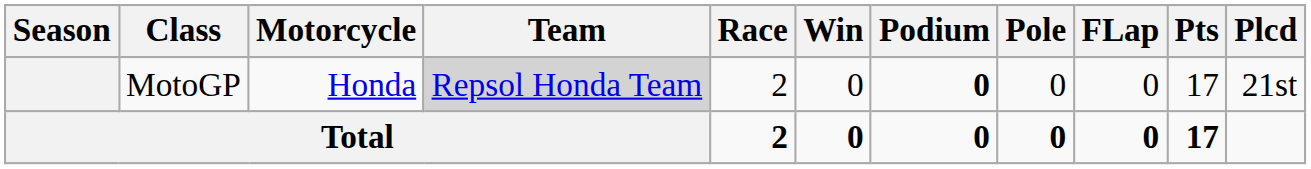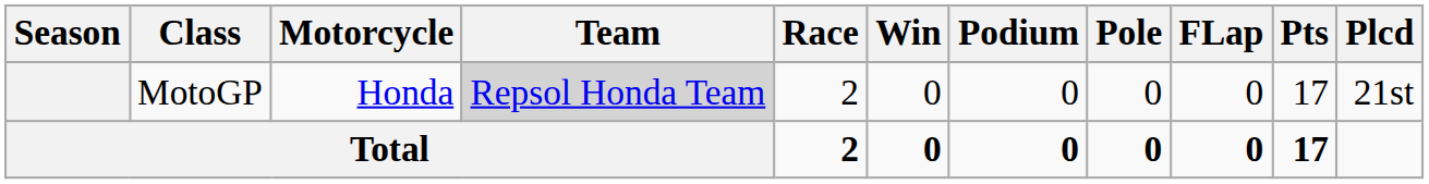 <table class="wikitable" style="text-align:right;">
 <tr>
 <th>Season</th>
 <th>Class</th>
 <th>Motorcycle</th>
 <th>Team</th>
 <th>Race</th>
 <th>Win</th>
 <th>Podium</th>
 <th>Pole</th>
 <th>FLap</th>
 <th>Pts</th>
 <th>Plcd</th>
 </tr>
 <tr>
 <th></th>
 <td>MotoGP</td>
 <td><a href='#'>Honda</a></td>
 <td style="background: lightgrey;"><a href='#'>Repsol Honda Team</a></td>
 <td>2</td>
 <td>0</td>
-<td><strong>0</strong></td>
+<td>0</td>
 <td>0</td>
 <td>0</td>
 <td>17</td>
 <td>21st</td>
 </tr>
 <tr>
 <th colspan="4">Total</th>
 <td><strong>2</strong></td>
 <td><strong>0</strong></td>
 <td><strong>0</strong></td>
 <td><strong>0</strong></td>
 <td><strong>0</strong></td>
 <td><strong>17</strong></td>
 <td></td>
 </tr>
 </table>
